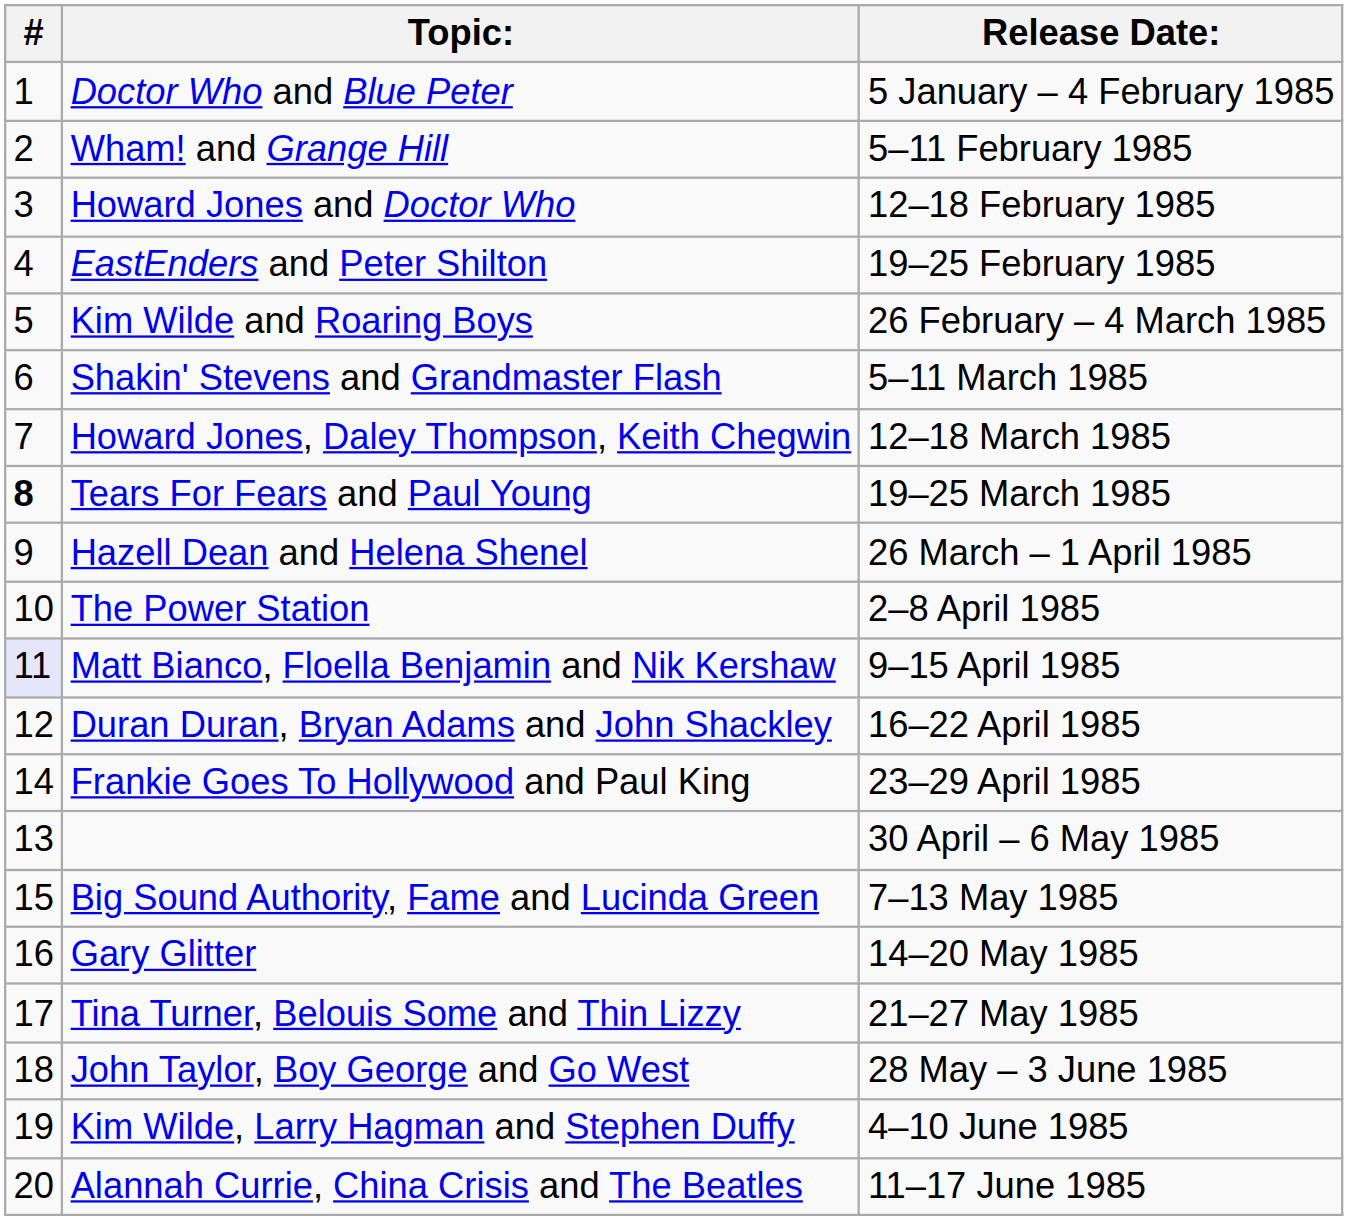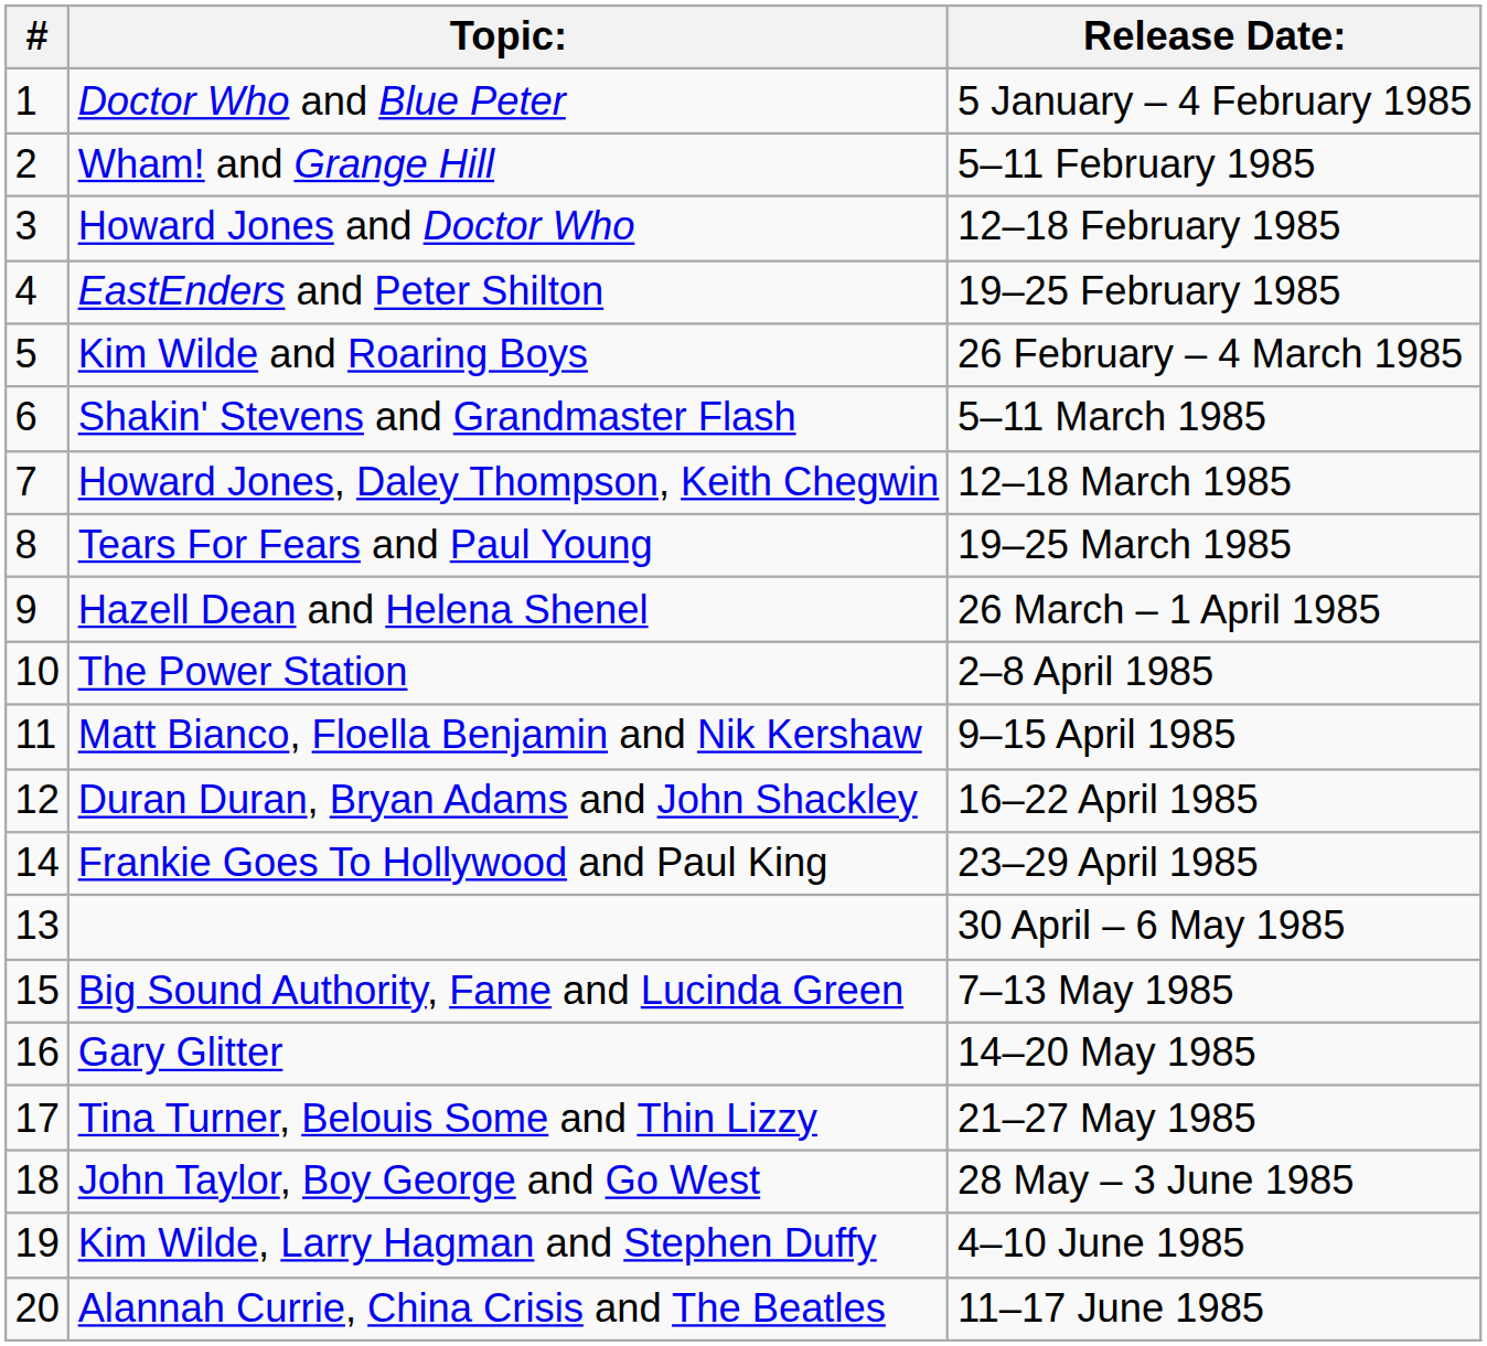 <table class="wikitable">
 <tr>
 <th>#</th>
 <th>Topic:</th>
 <th>Release Date:</th>
 </tr>
 <tr>
 <td>1</td>
 <td><em><a href='#'>Doctor Who</a></em> and <em><a href='#'>Blue Peter</a></em></td>
 <td>5 January – 4 February 1985</td>
 </tr>
 <tr>
 <td>2</td>
 <td><a href='#'>Wham!</a> and <em><a href='#'>Grange Hill</a></em></td>
 <td>5–11 February 1985</td>
 </tr>
 <tr>
 <td>3</td>
 <td><a href='#'>Howard Jones</a> and <em><a href='#'>Doctor Who</a></em></td>
 <td>12–18 February 1985</td>
 </tr>
 <tr>
 <td>4</td>
 <td><em><a href='#'>EastEnders</a></em> and <a href='#'>Peter Shilton</a></td>
 <td>19–25 February 1985</td>
 </tr>
 <tr>
 <td>5</td>
 <td><a href='#'>Kim Wilde</a> and <a href='#'>Roaring Boys</a></td>
 <td>26 February – 4 March 1985</td>
 </tr>
 <tr>
 <td>6</td>
 <td><a href='#'>Shakin' Stevens</a> and <a href='#'>Grandmaster Flash</a></td>
 <td>5–11 March 1985</td>
 </tr>
 <tr>
 <td>7</td>
 <td><a href='#'>Howard Jones</a>, <a href='#'>Daley Thompson</a>, <a href='#'>Keith Chegwin</a></td>
 <td>12–18 March 1985</td>
 </tr>
 <tr>
-<td><strong>8</strong></td>
+<td>8</td>
 <td><a href='#'>Tears For Fears</a> and <a href='#'>Paul Young</a></td>
 <td>19–25 March 1985</td>
 </tr>
 <tr>
 <td>9</td>
 <td><a href='#'>Hazell Dean</a> and <a href='#'>Helena Shenel</a></td>
 <td>26 March – 1 April 1985</td>
 </tr>
 <tr>
 <td>10</td>
 <td><a href='#'>The Power Station</a></td>
 <td>2–8 April 1985</td>
 </tr>
 <tr>
-<td style="background: lavender;">11</td>
+<td>11</td>
 <td><a href='#'>Matt Bianco</a>, <a href='#'>Floella Benjamin</a> and <a href='#'>Nik Kershaw</a></td>
 <td>9–15 April 1985</td>
 </tr>
 <tr>
 <td>12</td>
 <td><a href='#'>Duran Duran</a>, <a href='#'>Bryan Adams</a> and <a href='#'>John Shackley</a></td>
 <td>16–22 April 1985</td>
 </tr>
 <tr>
 <td>14</td>
 <td><a href='#'>Frankie Goes To Hollywood</a> and Paul King</td>
 <td>23–29 April 1985</td>
 </tr>
 <tr>
 <td>13</td>
 <td></td>
 <td>30 April – 6 May 1985</td>
 </tr>
 <tr>
 <td>15</td>
 <td><a href='#'>Big Sound Authority</a>, <a href='#'>Fame</a> and <a href='#'>Lucinda Green</a></td>
 <td>7–13 May 1985</td>
 </tr>
 <tr>
 <td>16</td>
 <td><a href='#'>Gary Glitter</a></td>
 <td>14–20 May 1985</td>
 </tr>
 <tr>
 <td>17</td>
 <td><a href='#'>Tina Turner</a>, <a href='#'>Belouis Some</a> and <a href='#'>Thin Lizzy</a></td>
 <td>21–27 May 1985</td>
 </tr>
 <tr>
 <td>18</td>
 <td><a href='#'>John Taylor</a>, <a href='#'>Boy George</a> and <a href='#'>Go West</a></td>
 <td>28 May – 3 June 1985</td>
 </tr>
 <tr>
 <td>19</td>
 <td><a href='#'>Kim Wilde</a>, <a href='#'>Larry Hagman</a> and <a href='#'>Stephen Duffy</a></td>
 <td>4–10 June 1985</td>
 </tr>
 <tr>
 <td>20</td>
 <td><a href='#'>Alannah Currie</a>, <a href='#'>China Crisis</a> and <a href='#'>The Beatles</a></td>
 <td>11–17 June 1985</td>
 </tr>
 <tr>
 </tr>
 </table>
